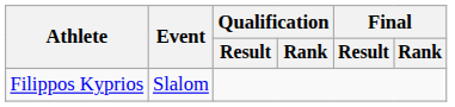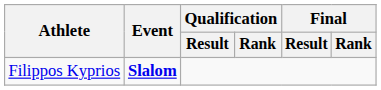 <table class=wikitable style=font-size:90%;text-align:center>
 <tr>
 <th rowspan=2>Athlete</th>
 <th rowspan=2>Event</th>
 <th colspan=2>Qualification</th>
 <th colspan=2>Final</th>
 </tr>
 <tr style=font-size:95%>
 <th>Result</th>
 <th>Rank</th>
 <th>Result</th>
 <th>Rank</th>
 </tr>
 <tr>
 <td align=left><a href='#'>Filippos Kyprios</a></td>
-<td align=left><a href='#'>Slalom</a></td>
+<td align=left><strong><a href='#'>Slalom</a></strong></td>
 <td colspan=4></td>
 </tr>
 </table>
